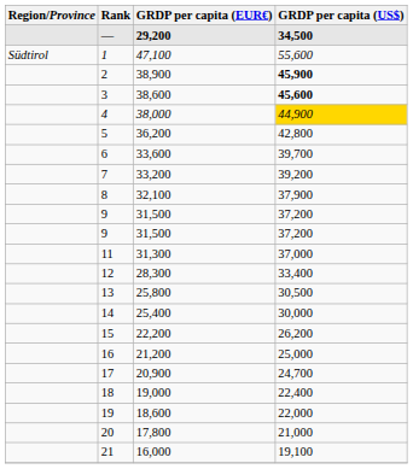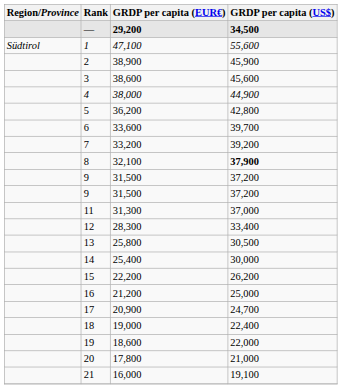 <table class="wikitable sortable">
 <tr align=center valign=middle>
 <th>Region/<em>Province</em></th>
 <th data-sort-type="number">Rank</th>
 <th data-sort-type="number">GRDP per capita (<a href='#'>EUR€</a>)</th>
 <th data-sort-type="number">GRDP per capita (<a href='#'>US$</a>)</th>
 </tr>
 <tr style="background:#e6e6e6">
 <td align=left><strong></strong></td>
 <td>—</td>
 <td><strong>29,200</strong></td>
 <td><strong>34,500</strong></td>
 </tr>
 <tr>
 <td align=left><em>Südtirol</em></td>
 <td><em>1</em></td>
 <td><em>47,100</em></td>
 <td><em>55,600</em></td>
 </tr>
 <tr>
 <td align=left></td>
 <td>2</td>
 <td>38,900</td>
-<td><strong>45,900</strong></td>
+<td>45,900</td>
 </tr>
 <tr>
 <td align=left></td>
 <td>3</td>
 <td>38,600</td>
-<td><strong>45,600</strong></td>
+<td>45,600</td>
 </tr>
 <tr>
 <td align=left><em></em></td>
 <td><em>4</em></td>
 <td><em>38,000</em></td>
-<td style="background: gold;"><em>44,900</em></td>
+<td><em>44,900</em></td>
 </tr>
 <tr>
 <td align=left></td>
 <td>5</td>
 <td>36,200</td>
 <td>42,800</td>
 </tr>
 <tr>
 <td align=left></td>
 <td>6</td>
 <td>33,600</td>
 <td>39,700</td>
 </tr>
 <tr>
 <td align=left></td>
 <td>7</td>
 <td>33,200</td>
 <td>39,200</td>
 </tr>
 <tr>
 <td align=left></td>
 <td>8</td>
 <td>32,100</td>
-<td>37,900</td>
+<td><strong>37,900</strong></td>
 </tr>
 <tr>
 <td align=left></td>
 <td>9</td>
 <td>31,500</td>
 <td>37,200</td>
 </tr>
 <tr>
 <td align=left></td>
 <td>9</td>
 <td>31,500</td>
 <td>37,200</td>
 </tr>
 <tr>
 <td align=left></td>
 <td>11</td>
 <td>31,300</td>
 <td>37,000</td>
 </tr>
 <tr>
 <td align=left></td>
 <td>12</td>
 <td>28,300</td>
 <td>33,400</td>
 </tr>
 <tr>
 <td align=left></td>
 <td>13</td>
 <td>25,800</td>
 <td>30,500</td>
 </tr>
 <tr>
 <td align=left></td>
 <td>14</td>
 <td>25,400</td>
 <td>30,000</td>
 </tr>
 <tr>
 <td align=left></td>
 <td>15</td>
 <td>22,200</td>
 <td>26,200</td>
 </tr>
 <tr>
 <td align=left></td>
 <td>16</td>
 <td>21,200</td>
 <td>25,000</td>
 </tr>
 <tr>
 <td align=left></td>
 <td>17</td>
 <td>20,900</td>
 <td>24,700</td>
 </tr>
 <tr>
 <td align=left></td>
 <td>18</td>
 <td>19,000</td>
 <td>22,400</td>
 </tr>
 <tr>
 <td align=left></td>
 <td>19</td>
 <td>18,600</td>
 <td>22,000</td>
 </tr>
 <tr>
 <td align=left></td>
 <td>20</td>
 <td>17,800</td>
 <td>21,000</td>
 </tr>
 <tr>
 <td align=left></td>
 <td>21</td>
 <td>16,000</td>
 <td>19,100</td>
 </tr>
 <tr>
 </tr>
 </table>
